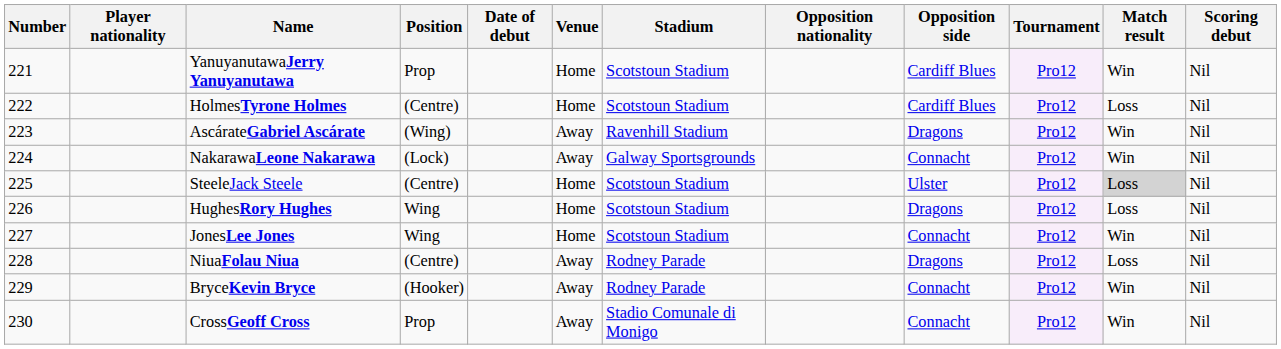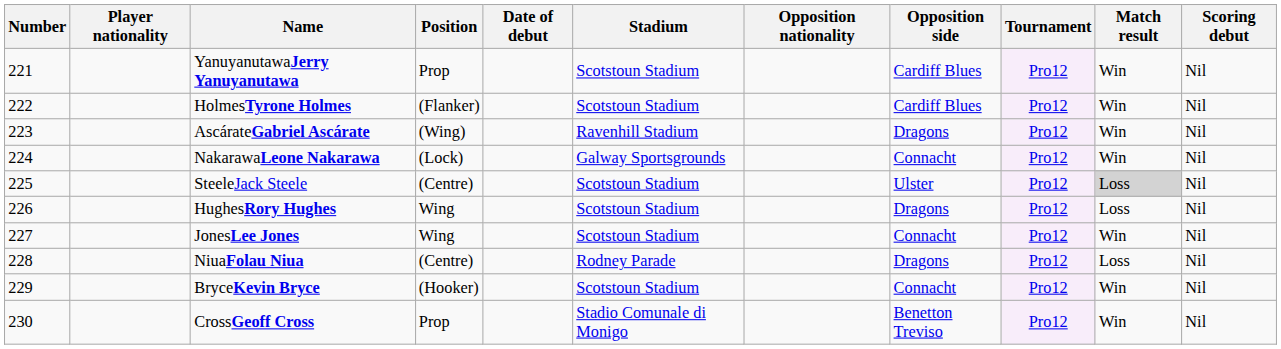 <table class="sortable wikitable">
 <tr>
 <th data-sort-type="number">Number</th>
 <th>Player nationality</th>
 <th>Name</th>
 <th>Position</th>
 <th>Date of debut</th>
-<th>Venue</th>
 <th>Stadium</th>
 <th>Opposition nationality</th>
 <th>Opposition side</th>
 <th>Tournament</th>
 <th>Match result</th>
 <th>Scoring debut</th>
 </tr>
 <tr>
 <td>221</td>
 <td style="text-align:center;"></td>
 <td><span>Yanuyanutawa</span><strong><a href='#'>Jerry Yanuyanutawa</a></strong></td>
 <td>Prop</td>
 <td></td>
-<td>Home</td>
 <td><a href='#'>Scotstoun Stadium</a></td>
 <td style="text-align:center;"></td>
 <td><a href='#'>Cardiff Blues</a></td>
 <td style="text-align:center; background:#F8EDFA;"><a href='#'>Pro12</a></td>
 <td>Win</td>
 <td>Nil</td>
 </tr>
 <tr>
 <td>222</td>
 <td style="text-align:center;"></td>
 <td><span>Holmes</span><strong><a href='#'>Tyrone Holmes</a></strong></td>
-<td>(Centre)</td>
+<td>(Flanker)</td>
 <td></td>
-<td>Home</td>
 <td><a href='#'>Scotstoun Stadium</a></td>
 <td style="text-align:center;"></td>
 <td><a href='#'>Cardiff Blues</a></td>
 <td style="text-align:center; background:#F8EDFA;"><a href='#'>Pro12</a></td>
-<td>Loss</td>
+<td>Win</td>
 <td>Nil</td>
 </tr>
 <tr>
 <td>223</td>
 <td style="text-align:center;"></td>
 <td><span>Ascárate</span><strong><a href='#'>Gabriel Ascárate</a></strong></td>
 <td>(Wing)</td>
 <td></td>
-<td>Away</td>
 <td><a href='#'>Ravenhill Stadium</a></td>
 <td style="text-align:center;"></td>
 <td><a href='#'>Dragons</a></td>
 <td style="text-align:center; background:#F8EDFA;"><a href='#'>Pro12</a></td>
 <td>Win</td>
 <td>Nil</td>
 </tr>
 <tr>
 <td>224</td>
 <td style="text-align:center;"></td>
 <td><span>Nakarawa</span><strong><a href='#'>Leone Nakarawa</a></strong></td>
 <td>(Lock)</td>
 <td></td>
-<td>Away</td>
 <td><a href='#'>Galway Sportsgrounds</a></td>
 <td style="text-align:center;"></td>
 <td><a href='#'>Connacht</a></td>
 <td style="text-align:center; background:#F8EDFA;"><a href='#'>Pro12</a></td>
 <td>Win</td>
 <td>Nil</td>
 </tr>
 <tr>
 <td>225</td>
 <td style="text-align:center;"></td>
 <td><span>Steele</span><a href='#'>Jack Steele</a></td>
 <td>(Centre)</td>
 <td></td>
-<td>Home</td>
 <td><a href='#'>Scotstoun Stadium</a></td>
 <td style="text-align:center;"></td>
 <td><a href='#'>Ulster</a></td>
 <td style="text-align:center; background:#F8EDFA;"><a href='#'>Pro12</a></td>
 <td style="background: lightgrey;">Loss</td>
 <td>Nil</td>
 </tr>
 <tr>
 <td>226</td>
 <td style="text-align:center;"></td>
 <td><span>Hughes</span><strong><a href='#'>Rory Hughes</a></strong></td>
 <td>Wing</td>
 <td></td>
-<td>Home</td>
 <td><a href='#'>Scotstoun Stadium</a></td>
 <td style="text-align:center;"></td>
 <td><a href='#'>Dragons</a></td>
 <td style="text-align:center; background:#F8EDFA;"><a href='#'>Pro12</a></td>
 <td>Loss</td>
 <td>Nil</td>
 </tr>
 <tr>
 <td>227</td>
 <td style="text-align:center;"></td>
 <td><span>Jones</span><strong><a href='#'>Lee Jones</a></strong></td>
 <td>Wing</td>
 <td></td>
-<td>Home</td>
 <td><a href='#'>Scotstoun Stadium</a></td>
 <td style="text-align:center;"></td>
 <td><a href='#'>Connacht</a></td>
 <td style="text-align:center; background:#F8EDFA;"><a href='#'>Pro12</a></td>
 <td>Win</td>
 <td>Nil</td>
 </tr>
 <tr>
 <td>228</td>
 <td style="text-align:center;"></td>
 <td><span>Niua</span><strong><a href='#'>Folau Niua</a></strong></td>
 <td>(Centre)</td>
 <td></td>
-<td>Away</td>
 <td><a href='#'>Rodney Parade</a></td>
 <td style="text-align:center;"></td>
 <td><a href='#'>Dragons</a></td>
 <td style="text-align:center; background:#F8EDFA;"><a href='#'>Pro12</a></td>
 <td>Loss</td>
 <td>Nil</td>
 </tr>
 <tr>
 <td>229</td>
 <td style="text-align:center;"></td>
 <td><span>Bryce</span><strong><a href='#'>Kevin Bryce</a></strong></td>
 <td>(Hooker)</td>
 <td></td>
-<td>Away</td>
-<td><a href='#'>Rodney Parade</a></td>
+<td><a href='#'>Scotstoun Stadium</a></td>
 <td style="text-align:center;"></td>
 <td><a href='#'>Connacht</a></td>
 <td style="text-align:center; background:#F8EDFA;"><a href='#'>Pro12</a></td>
 <td>Win</td>
 <td>Nil</td>
 </tr>
 <tr>
 <td>230</td>
 <td style="text-align:center;"></td>
 <td><span>Cross</span><strong><a href='#'>Geoff Cross</a></strong></td>
 <td>Prop</td>
 <td></td>
-<td>Away</td>
 <td><a href='#'>Stadio Comunale di Monigo</a></td>
 <td style="text-align:center;"></td>
-<td><a href='#'>Connacht</a></td>
+<td><a href='#'>Benetton Treviso</a></td>
 <td style="text-align:center; background:#F8EDFA;"><a href='#'>Pro12</a></td>
 <td>Win</td>
 <td>Nil</td>
 </tr>
 </table>
